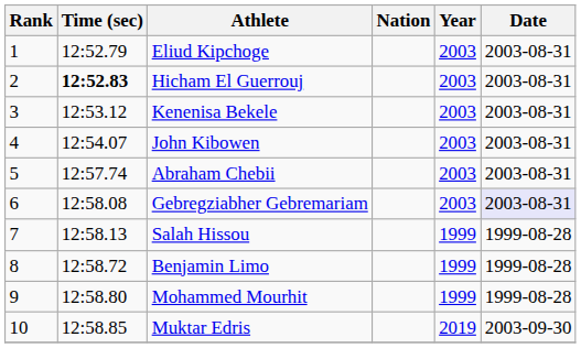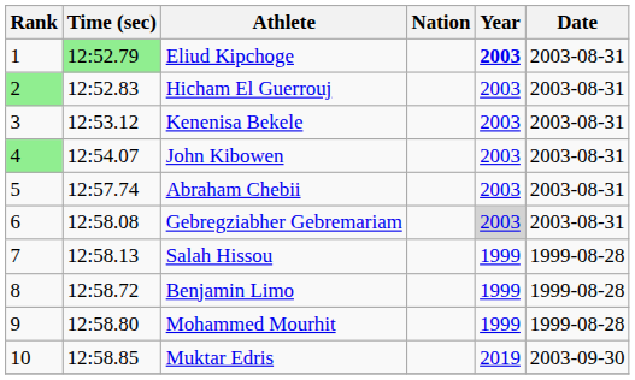 <table class=wikitable style="font-size:95%">
 <tr>
 <th>Rank</th>
 <th>Time (sec)</th>
 <th>Athlete</th>
 <th>Nation</th>
 <th>Year</th>
 <th>Date</th>
 </tr>
 <tr>
 <td>1</td>
-<td>12:52.79</td>
+<td style="background: lightgreen;">12:52.79</td>
 <td><a href='#'>Eliud Kipchoge</a></td>
 <td></td>
-<td><a href='#'>2003</a></td>
+<td><strong><a href='#'>2003</a></strong></td>
 <td>2003-08-31</td>
 </tr>
 <tr>
-<td>2</td>
-<td><strong>12:52.83</strong></td>
+<td style="background: lightgreen;">2</td>
+<td>12:52.83</td>
 <td><a href='#'>Hicham El Guerrouj</a></td>
 <td></td>
 <td><a href='#'>2003</a></td>
 <td>2003-08-31</td>
 </tr>
 <tr>
 <td>3</td>
 <td>12:53.12</td>
 <td><a href='#'>Kenenisa Bekele</a></td>
 <td></td>
 <td><a href='#'>2003</a></td>
 <td>2003-08-31</td>
 </tr>
 <tr>
-<td>4</td>
+<td style="background: lightgreen;">4</td>
 <td>12:54.07</td>
 <td><a href='#'>John Kibowen</a></td>
 <td></td>
 <td><a href='#'>2003</a></td>
 <td>2003-08-31</td>
 </tr>
 <tr>
 <td>5</td>
 <td>12:57.74</td>
 <td><a href='#'>Abraham Chebii</a></td>
 <td></td>
 <td><a href='#'>2003</a></td>
 <td>2003-08-31</td>
 </tr>
 <tr>
 <td>6</td>
 <td>12:58.08</td>
 <td><a href='#'>Gebregziabher Gebremariam</a></td>
 <td></td>
-<td><a href='#'>2003</a></td>
-<td style="background: lavender;">2003-08-31</td>
+<td style="background: lightgrey;"><a href='#'>2003</a></td>
+<td>2003-08-31</td>
 </tr>
 <tr>
 <td>7</td>
 <td>12:58.13</td>
 <td><a href='#'>Salah Hissou</a></td>
 <td></td>
 <td><a href='#'>1999</a></td>
 <td>1999-08-28</td>
 </tr>
 <tr>
 <td>8</td>
 <td>12:58.72</td>
 <td><a href='#'>Benjamin Limo</a></td>
 <td></td>
 <td><a href='#'>1999</a></td>
 <td>1999-08-28</td>
 </tr>
 <tr>
 <td>9</td>
 <td>12:58.80</td>
 <td><a href='#'>Mohammed Mourhit</a></td>
 <td></td>
 <td><a href='#'>1999</a></td>
 <td>1999-08-28</td>
 </tr>
 <tr>
 <td>10</td>
 <td>12:58.85</td>
 <td><a href='#'>Muktar Edris</a></td>
 <td></td>
 <td><a href='#'>2019</a></td>
 <td>2003-09-30</td>
 </tr>
 <tr>
 </tr>
 </table>
